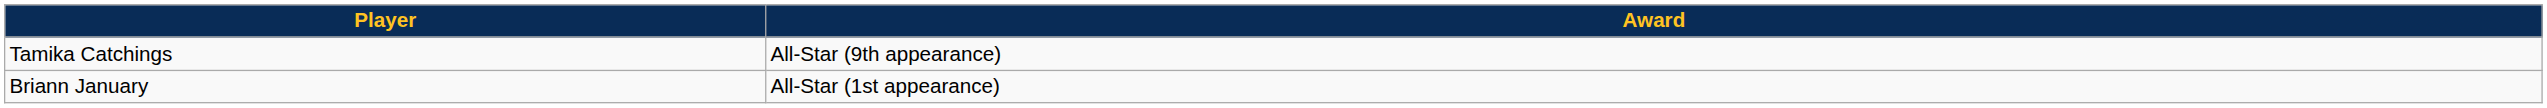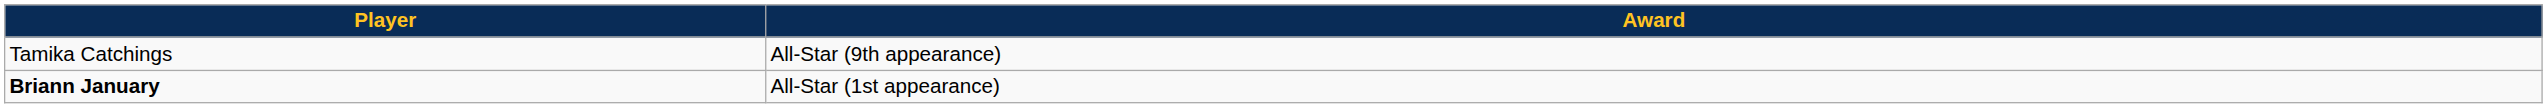 <table class="wikitable">
 <tr>
 <th style="background:#092C57; color:#FFC322;" width="2%">Player</th>
 <th style="background:#092C57; color:#FFC322;" width="5%">Award</th>
 </tr>
 <tr>
 <td>Tamika Catchings</td>
 <td>All-Star (9th appearance)</td>
 </tr>
 <tr>
-<td>Briann January</td>
+<td><strong>Briann January</strong></td>
 <td>All-Star (1st appearance)</td>
 </tr>
 </table>
